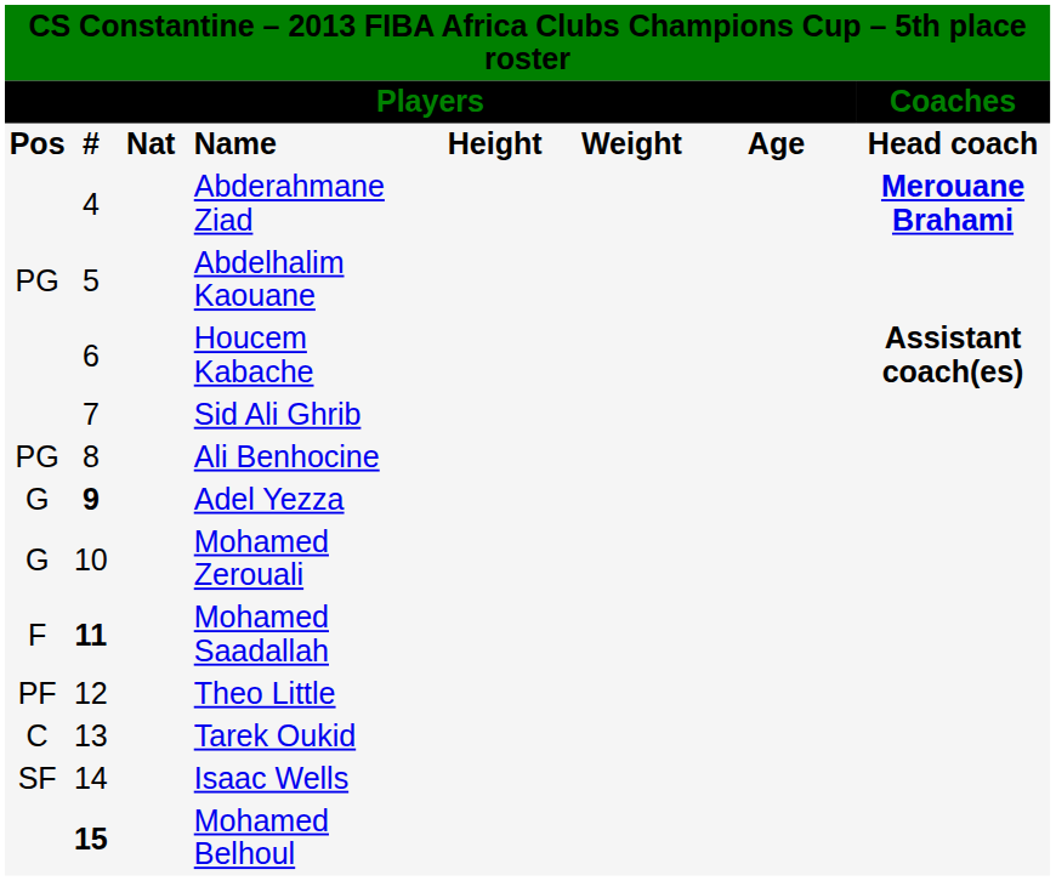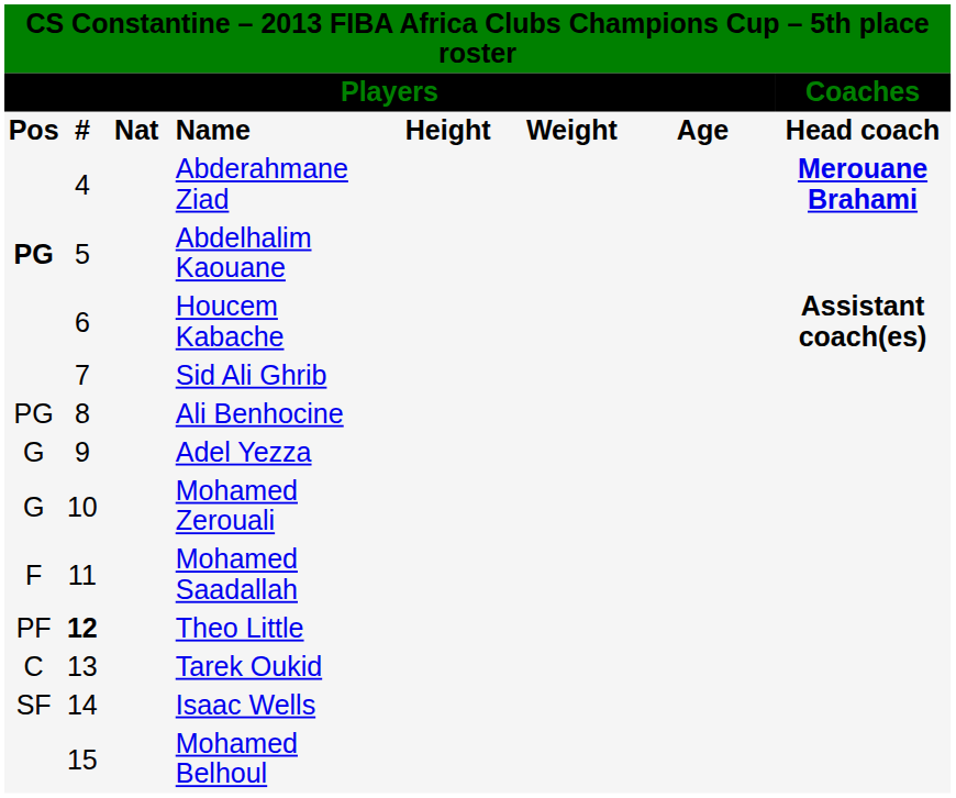 <table border=0 cellpadding=2 cellspacing=0  |- bgcolor=#f5f5f5 style="text-align:center; font-size:85%;" width=75%>
 <tr>
 <td colspan="8" style="background: green; color: black"><strong>CS Constantine – 2013 FIBA Africa Clubs Champions Cup – 5th place roster</strong></td>
 </tr>
 <tr>
 <td colspan="7" style="background: black; color: green"><strong>Players</strong></td>
 <td style="background: black; color: green"><strong>Coaches</strong></td>
 </tr>
 <tr style="background=#f5f5f5; color: black">
 <th width=5px>Pos</th>
 <th width=5px>#</th>
 <th width=50px>Nat</th>
 <th width=135px align=left>Name</th>
 <th width=100px>Height</th>
 <th width=75px>Weight</th>
 <th width=160px>Age</th>
 <th width=125px>Head coach</th>
 </tr>
 <tr>
 <td></td>
 <td>4</td>
 <td></td>
 <td align=left><a href='#'>Abderahmane Ziad</a></td>
 <td></td>
 <td></td>
 <td></td>
 <td><strong> <a href='#'>Merouane Brahami</a></strong></td>
 </tr>
 <tr>
-<td>PG</td>
+<td><strong>PG</strong></td>
 <td>5</td>
 <td></td>
 <td align=left><a href='#'>Abdelhalim Kaouane</a></td>
 <td><span></span></td>
 <td></td>
 <td><span></span></td>
 <td></td>
 </tr>
 <tr>
 <td></td>
 <td>6</td>
 <td></td>
 <td align=left><a href='#'>Houcem Kabache</a></td>
 <td></td>
 <td></td>
 <td></td>
 <td><strong>Assistant coach(es)</strong></td>
 </tr>
 <tr>
 <td></td>
 <td>7</td>
 <td></td>
 <td align=left><a href='#'>Sid Ali Ghrib</a></td>
 <td></td>
 <td></td>
 <td></td>
 <td></td>
 </tr>
 <tr>
 <td>PG</td>
 <td>8</td>
 <td></td>
 <td align=left><a href='#'>Ali Benhocine</a></td>
 <td><span></span></td>
 <td></td>
 <td></td>
 <td></td>
 </tr>
 <tr>
 <td>G</td>
-<td><strong>9</strong></td>
+<td>9</td>
 <td></td>
 <td align=left><a href='#'>Adel Yezza</a></td>
 <td><span></span></td>
 <td></td>
 <td></td>
 <td></td>
 </tr>
 <tr>
 <td>G</td>
 <td>10</td>
 <td></td>
 <td align=left><a href='#'>Mohamed Zerouali</a></td>
 <td><span></span></td>
 <td></td>
 <td><span></span></td>
 <td></td>
 </tr>
 <tr>
 <td>F</td>
-<td><strong>11</strong></td>
+<td>11</td>
 <td></td>
 <td align=left><a href='#'>Mohamed Saadallah</a></td>
 <td><span></span></td>
 <td></td>
 <td></td>
 <td></td>
 </tr>
 <tr>
 <td>PF</td>
-<td>12</td>
+<td><strong>12</strong></td>
 <td></td>
 <td align=left><a href='#'>Theo Little</a></td>
 <td><span></span></td>
 <td><span></span></td>
 <td><span></span></td>
 <td></td>
 </tr>
 <tr>
 <td>C</td>
 <td>13</td>
 <td></td>
 <td align=left><a href='#'>Tarek Oukid</a></td>
 <td><span></span></td>
 <td><span></span></td>
 <td><span></span></td>
 <td></td>
 </tr>
 <tr>
 <td>SF</td>
 <td>14</td>
 <td></td>
 <td align=left><a href='#'>Isaac Wells</a></td>
 <td><span></span></td>
 <td><span></span></td>
 <td><span></span></td>
 <td></td>
 </tr>
 <tr>
 <td></td>
-<td><strong>15</strong></td>
+<td>15</td>
 <td></td>
 <td align=left><a href='#'>Mohamed Belhoul</a></td>
 <td></td>
 <td></td>
 <td><span></span></td>
 <td></td>
 </tr>
 </table>
